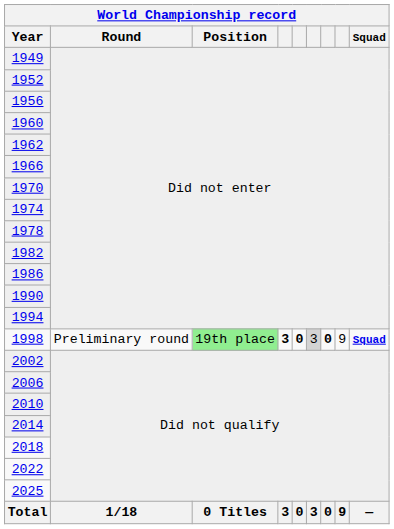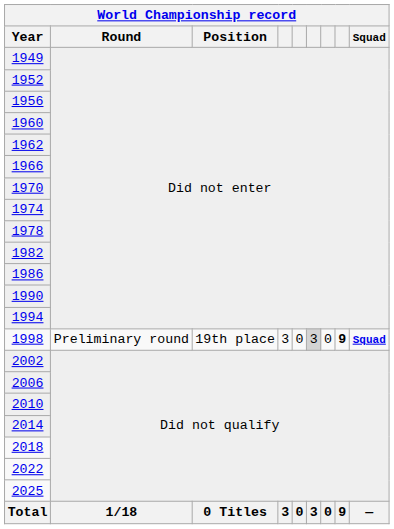 <table class="wikitable" style="text-align: center;">
 <tr>
 <th colspan=9><a href='#'>World Championship record</a></th>
 </tr>
 <tr>
 <th>Year</th>
 <th>Round</th>
 <th>Position</th>
 <th></th>
 <th></th>
 <th></th>
 <th></th>
 <th></th>
 <th><small>Squad</small></th>
 </tr>
 <tr bgcolor="efefef">
 <td> <a href='#'>1949</a></td>
 <td colspan=8 rowspan=13 align=center>Did not enter</td>
 </tr>
 <tr bgcolor="efefef">
 <td> <a href='#'>1952</a></td>
 </tr>
 <tr bgcolor="efefef">
 <td> <a href='#'>1956</a></td>
 </tr>
 <tr bgcolor="efefef">
 <td> <a href='#'>1960</a></td>
 </tr>
 <tr bgcolor="efefef">
 <td> <a href='#'>1962</a></td>
 </tr>
 <tr bgcolor="efefef">
 <td> <a href='#'>1966</a></td>
 </tr>
 <tr bgcolor="efefef">
 <td> <a href='#'>1970</a></td>
 </tr>
 <tr bgcolor="efefef">
 <td> <a href='#'>1974</a></td>
 </tr>
 <tr bgcolor="efefef">
 <td> <a href='#'>1978</a></td>
 </tr>
 <tr bgcolor="efefef">
 <td> <a href='#'>1982</a></td>
 </tr>
 <tr bgcolor="efefef">
 <td> <a href='#'>1986</a></td>
 </tr>
 <tr bgcolor="efefef">
 <td> <a href='#'>1990</a></td>
 </tr>
 <tr bgcolor="efefef">
 <td> <a href='#'>1994</a></td>
 </tr>
 <tr>
 <td> <a href='#'>1998</a></td>
 <td>Preliminary round</td>
-<td style="background: lightgreen;">19th place</td>
-<td><strong>3</strong></td>
-<td><strong>0</strong></td>
+<td>19th place</td>
+<td>3</td>
+<td>0</td>
 <td style="background: lightgrey;">3</td>
-<td><strong>0</strong></td>
-<td>9</td>
+<td>0</td>
+<td><strong>9</strong></td>
 <td><strong><small><a href='#'>Squad</a></small></strong></td>
 </tr>
 <tr bgcolor="efefef">
 <td> <a href='#'>2002</a></td>
 <td colspan=9 rowspan=7 align=center>Did not qualify</td>
 </tr>
 <tr bgcolor="efefef">
 <td> <a href='#'>2006</a></td>
 </tr>
 <tr bgcolor="efefef">
 <td> <a href='#'>2010</a></td>
 </tr>
 <tr bgcolor="efefef">
 <td> <a href='#'>2014</a></td>
 </tr>
 <tr>
 <td>  <a href='#'>2018</a></td>
 </tr>
 <tr>
 <td>  <a href='#'>2022</a></td>
 </tr>
 <tr>
 <td> <a href='#'>2025</a></td>
 </tr>
 <tr>
 <th>Total</th>
 <th>1/18</th>
 <th>0 Titles</th>
 <th>3</th>
 <th>0</th>
 <th>3</th>
 <th>0</th>
 <th>9</th>
 <th>—</th>
 </tr>
 </table>
